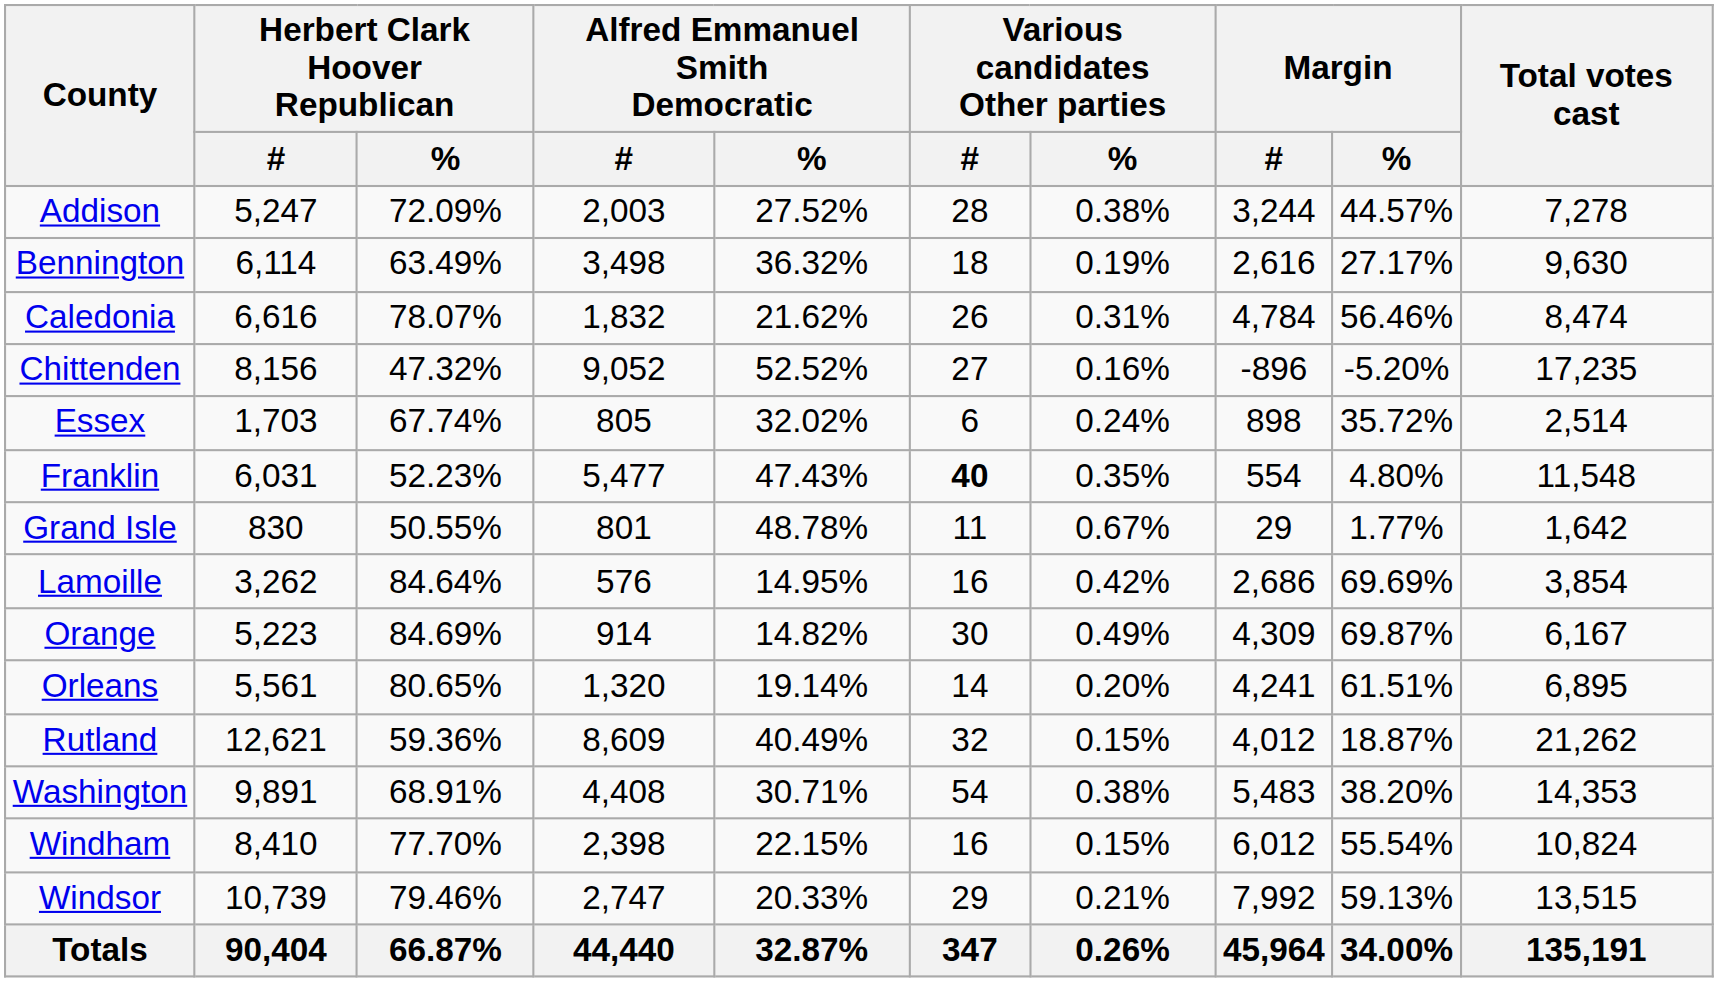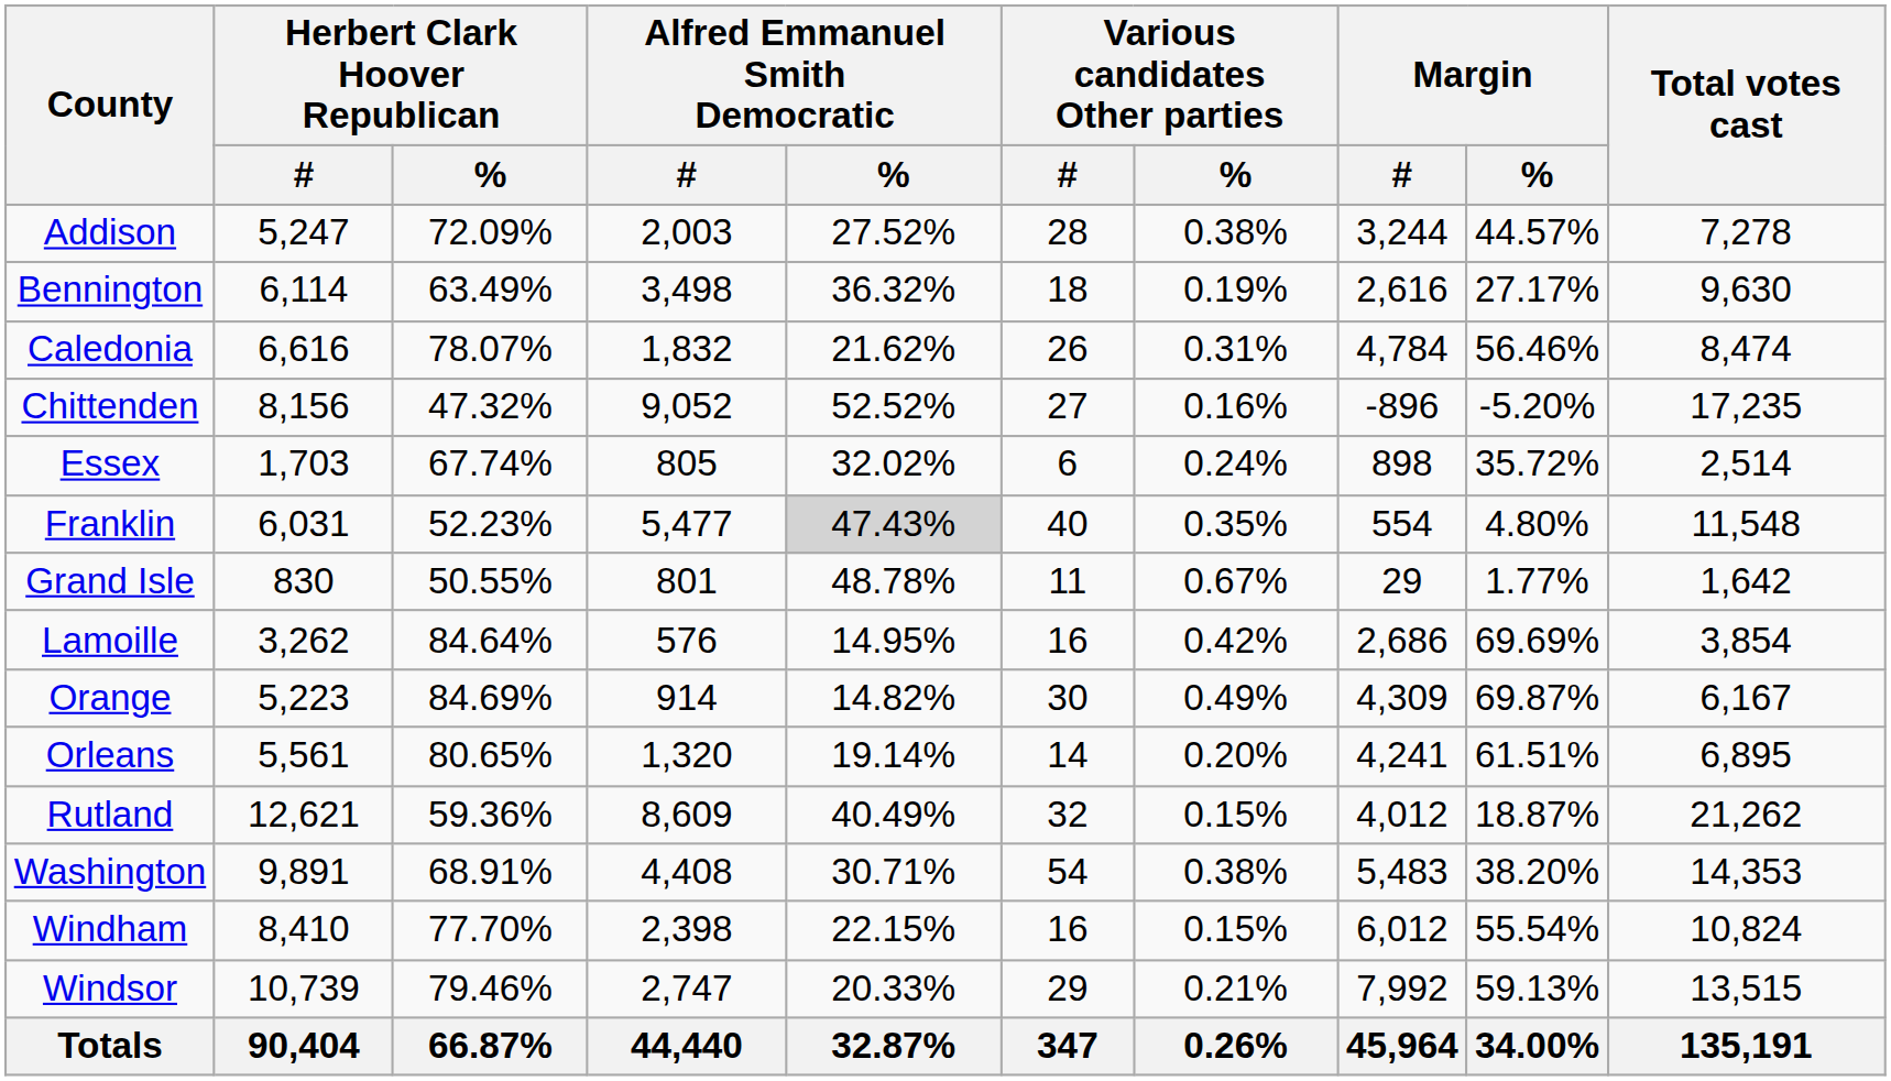 <table width="65%"  class="wikitable sortable" style="text-align:center">
 <tr>
 <th colspan="1" rowspan="2">County</th>
 <th style="text-align:center;" colspan="2">Herbert Clark Hoover<br>Republican</th>
 <th style="text-align:center;" colspan="2">Alfred Emmanuel Smith<br>Democratic</th>
 <th style="text-align:center;" colspan="2">Various candidates<br>Other parties</th>
 <th style="text-align:center;" colspan="2">Margin</th>
 <th colspan="1" rowspan="2" style="text-align:center;">Total votes cast</th>
 </tr>
 <tr>
 <th style="text-align:center;" data-sort-type="number">#</th>
 <th style="text-align:center;" data-sort-type="number">%</th>
 <th style="text-align:center;" data-sort-type="number">#</th>
 <th style="text-align:center;" data-sort-type="number">%</th>
 <th style="text-align:center;" data-sort-type="number">#</th>
 <th style="text-align:center;" data-sort-type="number">%</th>
 <th style="text-align:center;" data-sort-type="number">#</th>
 <th style="text-align:center;" data-sort-type="number">%</th>
 </tr>
 <tr style="text-align:center;">
 <td><a href='#'>Addison</a></td>
 <td>5,247</td>
 <td>72.09%</td>
 <td>2,003</td>
 <td>27.52%</td>
 <td>28</td>
 <td>0.38%</td>
 <td>3,244</td>
 <td>44.57%</td>
 <td>7,278</td>
 </tr>
 <tr style="text-align:center;">
 <td><a href='#'>Bennington</a></td>
 <td>6,114</td>
 <td>63.49%</td>
 <td>3,498</td>
 <td>36.32%</td>
 <td>18</td>
 <td>0.19%</td>
 <td>2,616</td>
 <td>27.17%</td>
 <td>9,630</td>
 </tr>
 <tr style="text-align:center;">
 <td><a href='#'>Caledonia</a></td>
 <td>6,616</td>
 <td>78.07%</td>
 <td>1,832</td>
 <td>21.62%</td>
 <td>26</td>
 <td>0.31%</td>
 <td>4,784</td>
 <td>56.46%</td>
 <td>8,474</td>
 </tr>
 <tr style="text-align:center;">
 <td><a href='#'>Chittenden</a></td>
 <td>8,156</td>
 <td>47.32%</td>
 <td>9,052</td>
 <td>52.52%</td>
 <td>27</td>
 <td>0.16%</td>
 <td>-896</td>
 <td>-5.20%</td>
 <td>17,235</td>
 </tr>
 <tr style="text-align:center;">
 <td><a href='#'>Essex</a></td>
 <td>1,703</td>
 <td>67.74%</td>
 <td>805</td>
 <td>32.02%</td>
 <td>6</td>
 <td>0.24%</td>
 <td>898</td>
 <td>35.72%</td>
 <td>2,514</td>
 </tr>
 <tr style="text-align:center;">
 <td><a href='#'>Franklin</a></td>
 <td>6,031</td>
 <td>52.23%</td>
 <td>5,477</td>
-<td>47.43%</td>
-<td><strong>40</strong></td>
+<td style="background: lightgrey;">47.43%</td>
+<td>40</td>
 <td>0.35%</td>
 <td>554</td>
 <td>4.80%</td>
 <td>11,548</td>
 </tr>
 <tr style="text-align:center;">
 <td><a href='#'>Grand Isle</a></td>
 <td>830</td>
 <td>50.55%</td>
 <td>801</td>
 <td>48.78%</td>
 <td>11</td>
 <td>0.67%</td>
 <td>29</td>
 <td>1.77%</td>
 <td>1,642</td>
 </tr>
 <tr style="text-align:center;">
 <td><a href='#'>Lamoille</a></td>
 <td>3,262</td>
 <td>84.64%</td>
 <td>576</td>
 <td>14.95%</td>
 <td>16</td>
 <td>0.42%</td>
 <td>2,686</td>
 <td>69.69%</td>
 <td>3,854</td>
 </tr>
 <tr style="text-align:center;">
 <td><a href='#'>Orange</a></td>
 <td>5,223</td>
 <td>84.69%</td>
 <td>914</td>
 <td>14.82%</td>
 <td>30</td>
 <td>0.49%</td>
 <td>4,309</td>
 <td>69.87%</td>
 <td>6,167</td>
 </tr>
 <tr style="text-align:center;">
 <td><a href='#'>Orleans</a></td>
 <td>5,561</td>
 <td>80.65%</td>
 <td>1,320</td>
 <td>19.14%</td>
 <td>14</td>
 <td>0.20%</td>
 <td>4,241</td>
 <td>61.51%</td>
 <td>6,895</td>
 </tr>
 <tr style="text-align:center;">
 <td><a href='#'>Rutland</a></td>
 <td>12,621</td>
 <td>59.36%</td>
 <td>8,609</td>
 <td>40.49%</td>
 <td>32</td>
 <td>0.15%</td>
 <td>4,012</td>
 <td>18.87%</td>
 <td>21,262</td>
 </tr>
 <tr style="text-align:center;">
 <td><a href='#'>Washington</a></td>
 <td>9,891</td>
 <td>68.91%</td>
 <td>4,408</td>
 <td>30.71%</td>
 <td>54</td>
 <td>0.38%</td>
 <td>5,483</td>
 <td>38.20%</td>
 <td>14,353</td>
 </tr>
 <tr style="text-align:center;">
 <td><a href='#'>Windham</a></td>
 <td>8,410</td>
 <td>77.70%</td>
 <td>2,398</td>
 <td>22.15%</td>
 <td>16</td>
 <td>0.15%</td>
 <td>6,012</td>
 <td>55.54%</td>
 <td>10,824</td>
 </tr>
 <tr style="text-align:center;">
 <td><a href='#'>Windsor</a></td>
 <td>10,739</td>
 <td>79.46%</td>
 <td>2,747</td>
 <td>20.33%</td>
 <td>29</td>
 <td>0.21%</td>
 <td>7,992</td>
 <td>59.13%</td>
 <td>13,515</td>
 </tr>
 <tr style="text-align:center;">
 <th>Totals</th>
 <th>90,404</th>
 <th>66.87%</th>
 <th>44,440</th>
 <th>32.87%</th>
 <th>347</th>
 <th>0.26%</th>
 <th>45,964</th>
 <th>34.00%</th>
 <th>135,191</th>
 </tr>
 </table>
